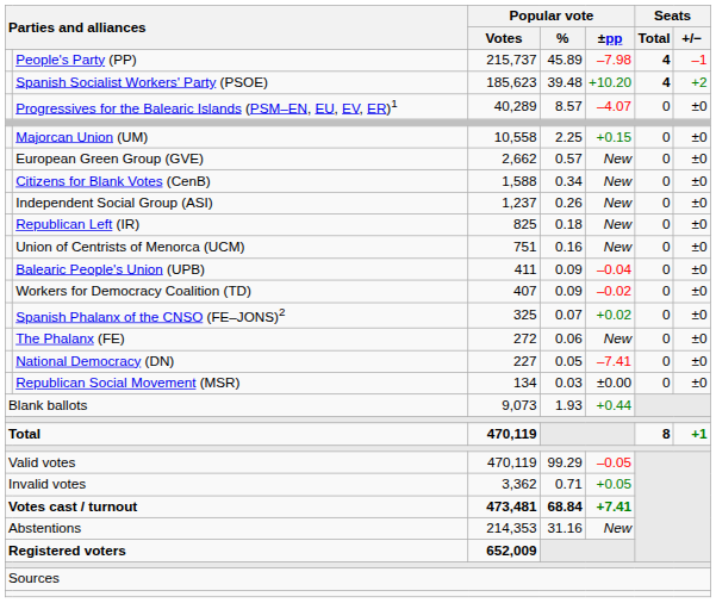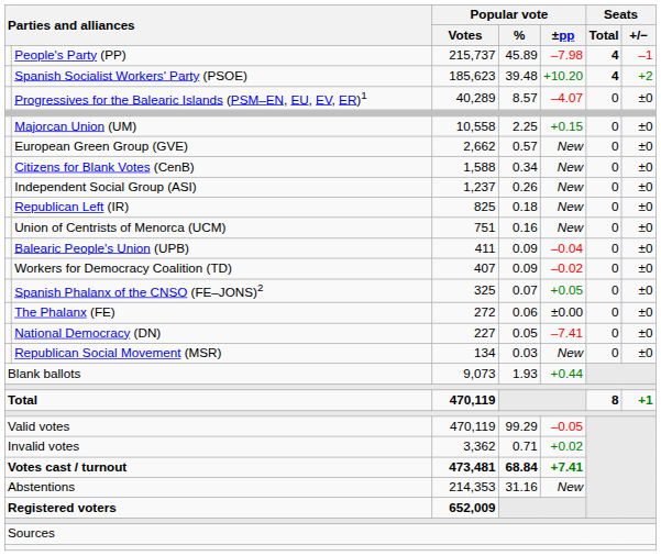 <table class="wikitable" style="text-align:right;">
 <tr>
 <th style="text-align:left;" rowspan="2" colspan="2" width="525">Parties and alliances</th>
 <th colspan="3">Popular vote</th>
 <th colspan="2">Seats</th>
 </tr>
 <tr>
 <th width="75">Votes</th>
 <th width="45">%</th>
 <th width="45">±<a href='#'>pp</a></th>
 <th width="35">Total</th>
 <th width="35">+/−</th>
 </tr>
 <tr>
 <td width="1" style="color:inherit;background:"></td>
 <td align="left"><a href='#'>People's Party</a> (PP)</td>
 <td>215,737</td>
 <td>45.89</td>
 <td style="color:red;">–7.98</td>
 <td><strong>4</strong></td>
 <td style="color:red;">–1</td>
 </tr>
 <tr>
 <td style="color:inherit;background:"></td>
 <td align="left"><a href='#'>Spanish Socialist Workers' Party</a> (PSOE)</td>
 <td>185,623</td>
 <td>39.48</td>
 <td style="color:green;">+10.20</td>
 <td><strong>4</strong></td>
 <td style="color:green;">+2</td>
 </tr>
 <tr>
 <td style="color:inherit;background:"></td>
 <td align="left"><a href='#'>Progressives for the Balearic Islands</a> (<a href='#'>PSM–EN</a>, <a href='#'>EU</a>, <a href='#'>EV</a>, <a href='#'>ER</a>)<sup>1</sup></td>
 <td>40,289</td>
 <td>8.57</td>
 <td style="color:red;">–4.07</td>
 <td>0</td>
 <td>±0</td>
 </tr>
 <tr>
 <td colspan="7" bgcolor="#C0C0C0"></td>
 </tr>
 <tr>
 <td style="color:inherit;background:"></td>
 <td align="left"><a href='#'>Majorcan Union</a> (UM)</td>
 <td>10,558</td>
 <td>2.25</td>
 <td style="color:green;">+0.15</td>
 <td>0</td>
 <td>±0</td>
 </tr>
 <tr>
 <td style="color:inherit;background:"></td>
 <td align="left">European Green Group (GVE)</td>
 <td>2,662</td>
 <td>0.57</td>
 <td><em>New</em></td>
 <td>0</td>
 <td>±0</td>
 </tr>
 <tr>
 <td style="color:inherit;background:"></td>
 <td align="left"><a href='#'>Citizens for Blank Votes</a> (CenB)</td>
 <td>1,588</td>
 <td>0.34</td>
 <td><em>New</em></td>
 <td>0</td>
 <td>±0</td>
 </tr>
 <tr>
 <td style="color:inherit;background:"></td>
 <td align="left">Independent Social Group (ASI)</td>
 <td>1,237</td>
 <td>0.26</td>
 <td><em>New</em></td>
 <td>0</td>
 <td>±0</td>
 </tr>
 <tr>
 <td style="color:inherit;background:"></td>
 <td align="left"><a href='#'>Republican Left</a> (IR)</td>
 <td>825</td>
 <td>0.18</td>
 <td><em>New</em></td>
 <td>0</td>
 <td>±0</td>
 </tr>
 <tr>
 <td style="color:inherit;background:"></td>
 <td align="left">Union of Centrists of Menorca (UCM)</td>
 <td>751</td>
 <td>0.16</td>
 <td><em>New</em></td>
 <td>0</td>
 <td>±0</td>
 </tr>
 <tr>
 <td style="color:inherit;background:"></td>
 <td align="left"><a href='#'>Balearic People's Union</a> (UPB)</td>
 <td>411</td>
 <td>0.09</td>
 <td style="color:red;">–0.04</td>
 <td>0</td>
 <td>±0</td>
 </tr>
 <tr>
 <td style="color:inherit;background:"></td>
 <td align="left">Workers for Democracy Coalition (TD)</td>
 <td>407</td>
 <td>0.09</td>
 <td style="color:red;">–0.02</td>
 <td>0</td>
 <td>±0</td>
 </tr>
 <tr>
 <td style="color:inherit;background:"></td>
 <td align="left"><a href='#'>Spanish Phalanx of the CNSO</a> (FE–JONS)<sup>2</sup></td>
 <td>325</td>
 <td>0.07</td>
-<td style="color:green;">+0.02</td>
+<td style="color:green;">+0.05</td>
 <td>0</td>
 <td>±0</td>
 </tr>
 <tr>
 <td style="color:inherit;background:"></td>
 <td align="left"><a href='#'>The Phalanx</a> (FE)</td>
 <td>272</td>
 <td>0.06</td>
-<td><em>New</em></td>
+<td>±0.00</td>
 <td>0</td>
 <td>±0</td>
 </tr>
 <tr>
 <td style="color:inherit;background:"></td>
 <td align="left"><a href='#'>National Democracy</a> (DN)</td>
 <td>227</td>
 <td>0.05</td>
 <td style="color:red;">–7.41</td>
 <td>0</td>
 <td>±0</td>
 </tr>
 <tr>
 <td style="color:inherit;background:"></td>
 <td align="left"><a href='#'>Republican Social Movement</a> (MSR)</td>
 <td>134</td>
 <td>0.03</td>
-<td>±0.00</td>
+<td><em>New</em></td>
 <td>0</td>
 <td>±0</td>
 </tr>
 <tr>
 <td align="left" colspan="2">Blank ballots</td>
 <td>9,073</td>
 <td>1.93</td>
 <td style="color:green;">+0.44</td>
 <td bgcolor="#E9E9E9" colspan="2"></td>
 </tr>
 <tr>
 <td colspan="7" bgcolor="#E9E9E9"></td>
 </tr>
 <tr style="font-weight:bold;">
 <td align="left" colspan="2">Total</td>
 <td>470,119</td>
 <td bgcolor="#E9E9E9" colspan="2"></td>
 <td>8</td>
 <td style="color:green;">+1</td>
 </tr>
 <tr>
 <td colspan="7" bgcolor="#E9E9E9"></td>
 </tr>
 <tr>
 <td align="left" colspan="2">Valid votes</td>
 <td>470,119</td>
 <td>99.29</td>
 <td style="color:red;">–0.05</td>
 <td bgcolor="#E9E9E9" colspan="2" rowspan="5"></td>
 </tr>
 <tr>
 <td align="left" colspan="2">Invalid votes</td>
 <td>3,362</td>
 <td>0.71</td>
-<td style="color:green;">+0.05</td>
+<td style="color:green;">+0.02</td>
 </tr>
 <tr style="font-weight:bold;">
 <td align="left" colspan="2">Votes cast / turnout</td>
 <td>473,481</td>
 <td>68.84</td>
 <td style="color:green;">+7.41</td>
 </tr>
 <tr>
 <td align="left" colspan="2">Abstentions</td>
 <td>214,353</td>
 <td>31.16</td>
 <td><em>New</em></td>
 </tr>
 <tr style="font-weight:bold;">
 <td align="left" colspan="2">Registered voters</td>
 <td>652,009</td>
 <td bgcolor="#E9E9E9" colspan="2"></td>
 </tr>
 <tr>
 <td colspan="7" bgcolor="#E9E9E9"></td>
 </tr>
 <tr>
 <td align="left" colspan="7">Sources</td>
 </tr>
 <tr>
 <td colspan="7" style="text-align:left; max-width:790px;"></td>
 </tr>
 </table>
